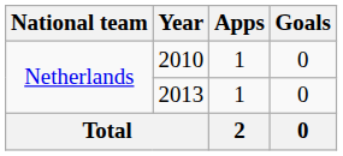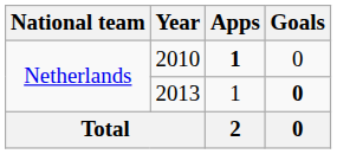 <table class=wikitable style=text-align:center>
 <tr>
 <th>National team</th>
 <th>Year</th>
 <th>Apps</th>
 <th>Goals</th>
 </tr>
 <tr>
 <td rowspan="2"><a href='#'>Netherlands</a></td>
 <td>2010</td>
-<td>1</td>
+<td><strong>1</strong></td>
 <td>0</td>
 </tr>
 <tr>
 <td>2013</td>
 <td>1</td>
-<td>0</td>
+<td><strong>0</strong></td>
 </tr>
 <tr>
 <th colspan="2">Total</th>
 <th>2</th>
 <th>0</th>
 </tr>
 </table>
